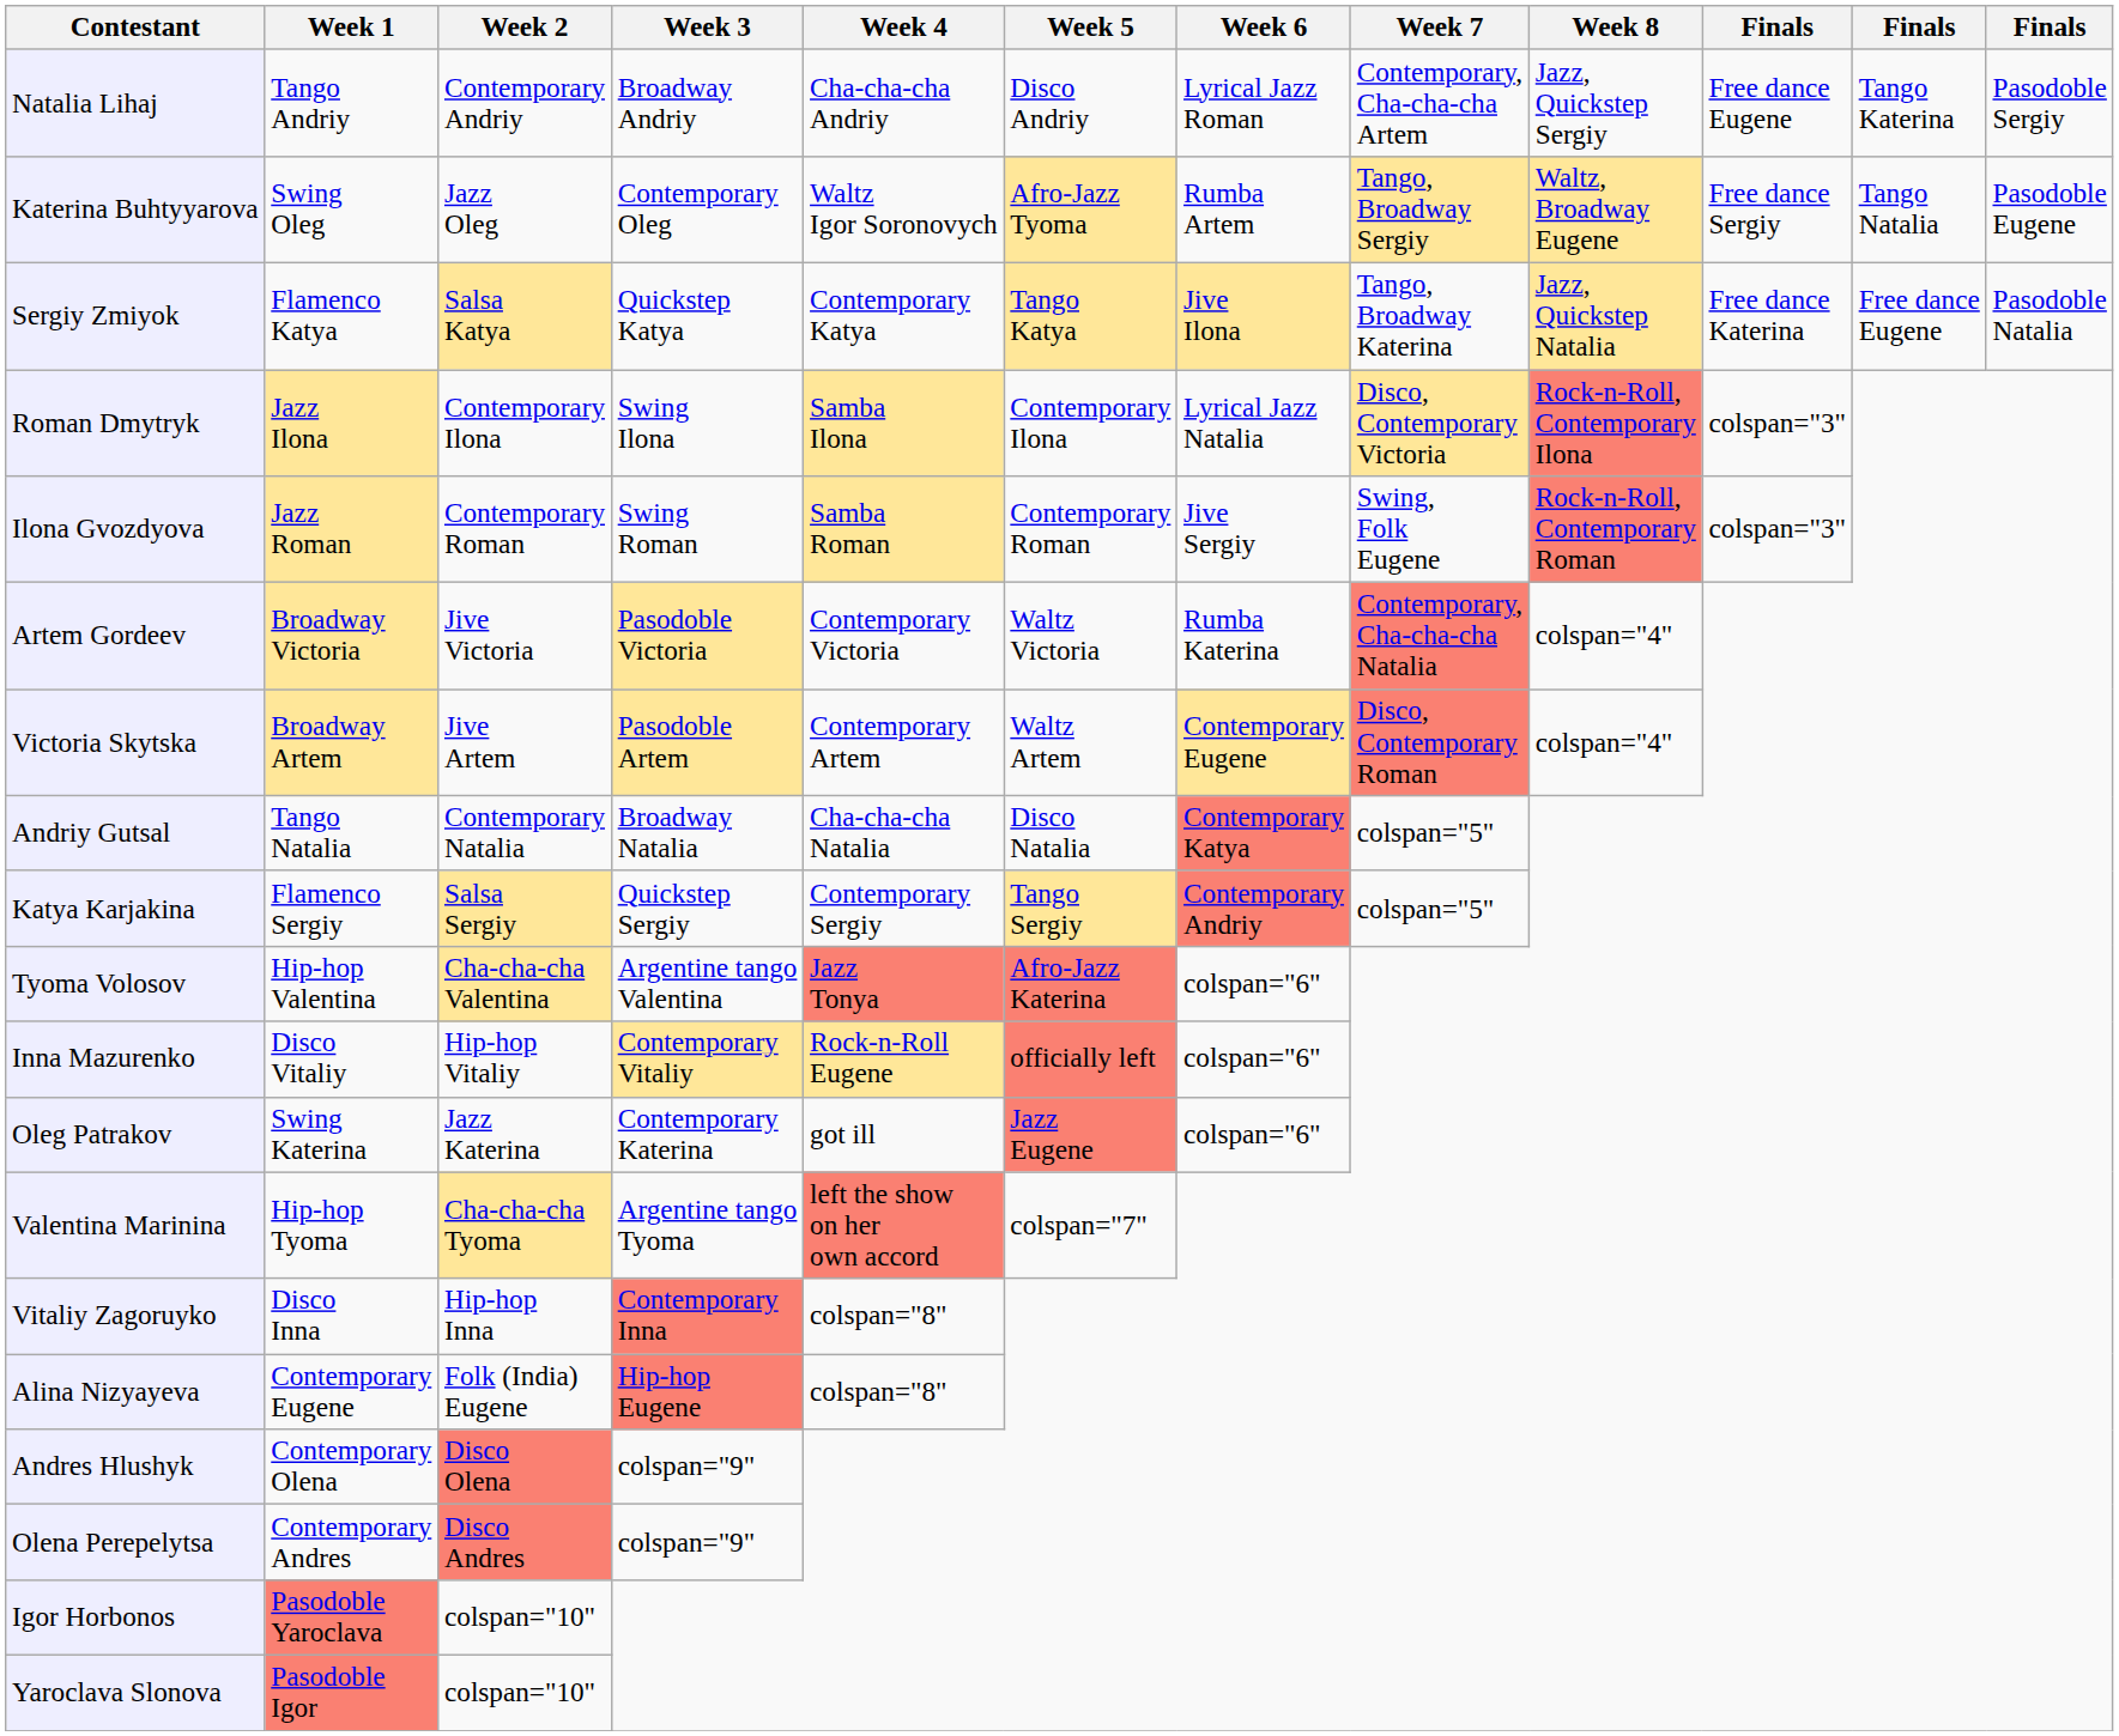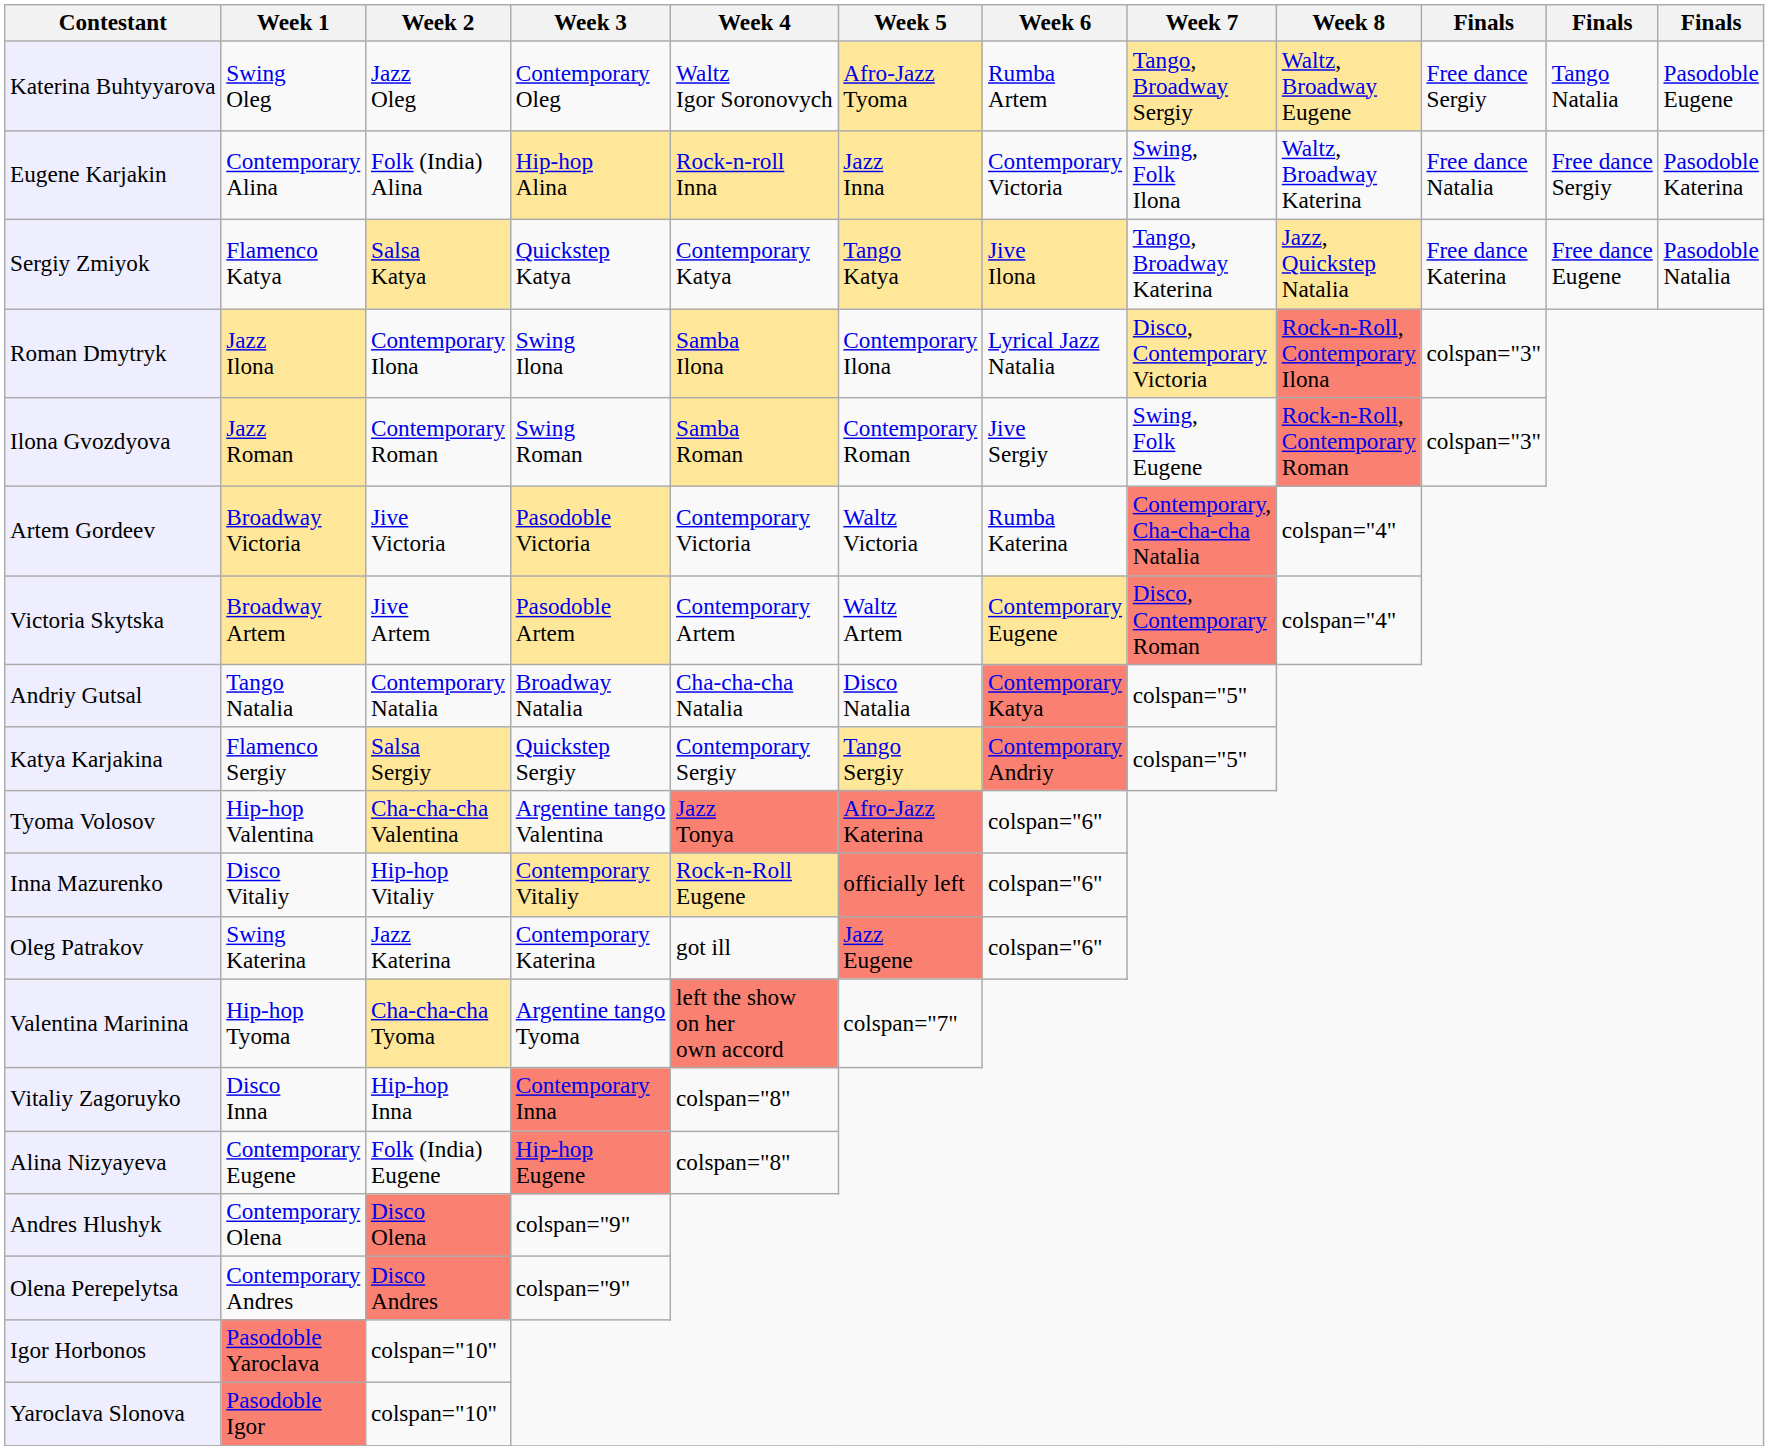 <table class="wikitable">
 <tr>
 <th>Contestant</th>
 <th>Week 1</th>
 <th>Week 2</th>
 <th>Week 3</th>
 <th>Week 4</th>
 <th>Week 5</th>
 <th>Week 6</th>
 <th>Week 7</th>
 <th>Week 8</th>
 <th>Finals</th>
 <th>Finals</th>
 <th>Finals</th>
 </tr>
 <tr>
-<td bgcolor="#eeeeff">Natalia Lihaj</td>
-<td><a href='#'>Tango</a> <br> Andriy</td>
-<td><a href='#'>Contemporary</a> <br> Andriy</td>
-<td><a href='#'>Broadway</a> <br> Andriy</td>
-<td><a href='#'>Cha-cha-cha</a> <br> Andriy</td>
-<td><a href='#'>Disco</a> <br> Andriy</td>
-<td><a href='#'>Lyrical Jazz</a> <br> Roman</td>
-<td><a href='#'>Contemporary</a>, <br> <a href='#'>Cha-cha-cha</a> <br> Artem</td>
-<td><a href='#'>Jazz</a>, <br> <a href='#'>Quickstep</a> <br> Sergiy</td>
-<td><a href='#'>Free dance</a> <br> Eugene</td>
-<td><a href='#'>Tango</a> <br> Katerina</td>
-<td><a href='#'>Pasodoble</a> <br> Sergiy</td>
-</tr>
-<tr>
 <td bgcolor="#eeeeff">Katerina Buhtyyarova</td>
 <td><a href='#'>Swing</a><br> Oleg</td>
 <td><a href='#'>Jazz</a> <br> Oleg</td>
 <td><a href='#'>Contemporary</a> <br> Oleg</td>
 <td><a href='#'>Waltz</a> <br> Igor Soronovych</td>
 <td bgcolor=#FFE799><a href='#'>Afro-Jazz</a> <br> Tyoma</td>
 <td><a href='#'>Rumba</a> <br> Artem</td>
 <td bgcolor=#FFE799><a href='#'>Tango</a>, <br> <a href='#'>Broadway</a> <br> Sergiy</td>
 <td bgcolor=#FFE799><a href='#'>Waltz</a>, <br> <a href='#'>Broadway</a> <br> Eugene</td>
 <td><a href='#'>Free dance</a> <br> Sergiy</td>
 <td><a href='#'>Tango</a> <br> Natalia</td>
 <td><a href='#'>Pasodoble</a> <br> Eugene</td>
+</tr>
+<tr>
+<td bgcolor="#eeeeff">Eugene Karjakin</td>
+<td><a href='#'>Contemporary</a> <br> Alina</td>
+<td><a href='#'>Folk</a> (India)<br> Alina</td>
+<td bgcolor=#FFE799><a href='#'>Hip-hop</a><br> Alina</td>
+<td bgcolor=#FFE799><a href='#'>Rock-n-roll</a> <br> Inna</td>
+<td bgcolor=#FFE799><a href='#'>Jazz</a> <br> Inna</td>
+<td><a href='#'>Contemporary</a> <br> Victoria</td>
+<td><a href='#'>Swing</a>, <br> <a href='#'>Folk</a> <br> Ilona</td>
+<td><a href='#'>Waltz</a>, <br> <a href='#'>Broadway</a> <br> Katerina</td>
+<td><a href='#'>Free dance</a> <br> Natalia</td>
+<td><a href='#'>Free dance</a> <br> Sergiy</td>
+<td><a href='#'>Pasodoble</a> <br> Katerina</td>
 </tr>
 <tr>
 <td bgcolor="#eeeeff">Sergiy Zmiyok</td>
 <td><a href='#'>Flamenco</a><br> Katya</td>
 <td bgcolor=#FFE799><a href='#'>Salsa</a> <br> Katya</td>
 <td><a href='#'>Quickstep</a><br> Katya</td>
 <td><a href='#'>Contemporary</a> <br> Katya</td>
 <td bgcolor=#FFE799><a href='#'>Tango</a> <br> Katya</td>
 <td bgcolor=#FFE799><a href='#'>Jive</a> <br> Ilona</td>
 <td><a href='#'>Tango</a>, <br> <a href='#'>Broadway</a> <br> Katerina</td>
 <td bgcolor=#FFE799><a href='#'>Jazz</a>, <br> <a href='#'>Quickstep</a> <br> Natalia</td>
 <td><a href='#'>Free dance</a> <br> Katerina</td>
 <td><a href='#'>Free dance</a> <br> Eugene</td>
 <td><a href='#'>Pasodoble</a> <br> Natalia</td>
 </tr>
 <tr>
 <td bgcolor="#eeeeff">Roman Dmytryk</td>
 <td bgcolor=#FFE799><a href='#'>Jazz</a> <br> Ilona</td>
 <td><a href='#'>Contemporary</a><br> Ilona</td>
 <td><a href='#'>Swing</a><br> Ilona</td>
 <td bgcolor=#FFE799><a href='#'>Samba</a> <br> Ilona</td>
 <td><a href='#'>Contemporary</a> <br> Ilona</td>
 <td><a href='#'>Lyrical Jazz</a> <br> Natalia</td>
 <td bgcolor=#FFE799><a href='#'>Disco</a>, <br> <a href='#'>Contemporary</a> <br> Victoria</td>
 <td bgcolor=#FA8072><a href='#'>Rock-n-Roll</a>, <br> <a href='#'>Contemporary</a> <br> Ilona</td>
 <td>colspan="3" </td>
 </tr>
 <tr>
 <td bgcolor="#eeeeff">Ilona Gvozdyova</td>
 <td bgcolor=#FFE799><a href='#'>Jazz</a> <br> Roman</td>
 <td><a href='#'>Contemporary</a> <br> Roman</td>
 <td><a href='#'>Swing</a> <br> Roman</td>
 <td bgcolor=#FFE799><a href='#'>Samba</a> <br> Roman</td>
 <td><a href='#'>Contemporary</a> <br> Roman</td>
 <td><a href='#'>Jive</a> <br> Sergiy</td>
 <td><a href='#'>Swing</a>, <br> <a href='#'>Folk</a> <br> Eugene</td>
 <td bgcolor=#FA8072><a href='#'>Rock-n-Roll</a>, <br> <a href='#'>Contemporary</a> <br> Roman</td>
 <td>colspan="3" </td>
 </tr>
 <tr>
 <td bgcolor="#eeeeff">Artem Gordeev</td>
 <td bgcolor=#FFE799><a href='#'>Broadway</a> <br> Victoria</td>
 <td><a href='#'>Jive</a> <br> Victoria</td>
 <td bgcolor=#FFE799><a href='#'>Pasodoble</a> <br> Victoria</td>
 <td><a href='#'>Contemporary</a> <br> Victoria</td>
 <td><a href='#'>Waltz</a> <br> Victoria</td>
 <td><a href='#'>Rumba</a> <br> Katerina</td>
 <td bgcolor=#FA8072><a href='#'>Contemporary</a>, <br> <a href='#'>Cha-cha-cha</a> <br> Natalia</td>
 <td>colspan="4" </td>
 </tr>
 <tr>
 <td bgcolor="#eeeeff">Victoria Skytska</td>
 <td bgcolor=#FFE799><a href='#'>Broadway</a> <br> Artem</td>
 <td><a href='#'>Jive</a> <br> Artem</td>
 <td bgcolor=#FFE799><a href='#'>Pasodoble</a> <br> Artem</td>
 <td><a href='#'>Contemporary</a> <br> Artem</td>
 <td><a href='#'>Waltz</a> <br> Artem</td>
 <td bgcolor=#FFE799><a href='#'>Contemporary</a> <br> Eugene</td>
 <td bgcolor=#FA8072><a href='#'>Disco</a>, <br> <a href='#'>Contemporary</a> <br> Roman</td>
 <td>colspan="4" </td>
 </tr>
 <tr>
 <td bgcolor="#eeeeff">Andriy Gutsal</td>
 <td><a href='#'>Tango</a> <br> Natalia</td>
 <td><a href='#'>Contemporary</a> <br> Natalia</td>
 <td><a href='#'>Broadway</a> <br> Natalia</td>
 <td><a href='#'>Cha-cha-cha</a> <br> Natalia</td>
 <td><a href='#'>Disco</a> <br> Natalia</td>
 <td bgcolor=#FA8072><a href='#'>Contemporary</a> <br> Katya</td>
 <td>colspan="5" </td>
 </tr>
 <tr>
 <td bgcolor="#eeeeff">Katya Karjakina</td>
 <td><a href='#'>Flamenco</a><br> Sergiy</td>
 <td bgcolor=#FFE799><a href='#'>Salsa</a> <br> Sergiy</td>
 <td><a href='#'>Quickstep</a><br> Sergiy</td>
 <td><a href='#'>Contemporary</a> <br> Sergiy</td>
 <td bgcolor=#FFE799><a href='#'>Tango</a> <br> Sergiy</td>
 <td bgcolor=#FA8072><a href='#'>Contemporary</a> <br> Andriy</td>
 <td>colspan="5" </td>
 </tr>
 <tr>
 <td bgcolor="#eeeeff">Tyoma Volosov</td>
 <td><a href='#'>Hip-hop</a> <br> Valentina</td>
 <td bgcolor=#FFE799><a href='#'>Cha-cha-cha</a><br> Valentina</td>
 <td><a href='#'>Argentine tango</a><br> Valentina</td>
 <td bgcolor=#FA8072><a href='#'>Jazz</a> <br> Tonya</td>
 <td bgcolor=#FA8072><a href='#'>Afro-Jazz</a> <br> Katerina</td>
 <td>colspan="6" </td>
 </tr>
 <tr>
 <td bgcolor="#eeeeff">Inna Mazurenko</td>
 <td><a href='#'>Disco</a> <br> Vitaliy</td>
 <td><a href='#'>Hip-hop</a> <br> Vitaliy</td>
 <td bgcolor=#FFE799><a href='#'>Contemporary</a> <br> Vitaliy</td>
 <td bgcolor=#FFE799><a href='#'>Rock-n-Roll</a> <br> Eugene</td>
 <td bgcolor=#FA8072>officially left</td>
 <td>colspan="6" </td>
 </tr>
 <tr>
 <td bgcolor="#eeeeff">Oleg Patrakov</td>
 <td><a href='#'>Swing</a><br> Katerina</td>
 <td><a href='#'>Jazz</a><br> Katerina</td>
 <td><a href='#'>Contemporary</a><br> Katerina</td>
 <td>got ill</td>
 <td bgcolor=#FA8072><a href='#'>Jazz</a> <br> Eugene</td>
 <td>colspan="6" </td>
 </tr>
 <tr>
 <td bgcolor="#eeeeff">Valentina Marinina</td>
 <td><a href='#'>Hip-hop</a> <br> Tyoma</td>
 <td bgcolor=#FFE799><a href='#'>Cha-cha-cha</a> <br> Tyoma</td>
 <td><a href='#'>Argentine tango</a> <br> Tyoma</td>
 <td bgcolor=#FA8072>left the show <br> on her <br> own accord</td>
 <td>colspan="7" </td>
 </tr>
 <tr>
 <td bgcolor="#eeeeff">Vitaliy Zagoruyko</td>
 <td><a href='#'>Disco</a><br> Inna</td>
 <td><a href='#'>Hip-hop</a><br> Inna</td>
 <td bgcolor=#FA8072><a href='#'>Contemporary</a><br> Inna</td>
 <td>colspan="8" </td>
 </tr>
 <tr>
 <td bgcolor="#eeeeff">Alina Nizyayeva</td>
 <td><a href='#'>Contemporary</a><br> Eugene</td>
 <td><a href='#'>Folk</a> (India) <br> Eugene</td>
 <td bgcolor=#FA8072><a href='#'>Hip-hop</a> <br> Eugene</td>
 <td>colspan="8" </td>
 </tr>
 <tr>
 <td bgcolor="#eeeeff">Andres Hlushyk</td>
 <td><a href='#'>Contemporary</a><br> Olena</td>
 <td bgcolor=#FA8072><a href='#'>Disco</a> <br> Olena</td>
 <td>colspan="9" </td>
 </tr>
 <tr>
 <td bgcolor="#eeeeff">Olena Perepelytsa</td>
 <td><a href='#'>Contemporary</a><br> Andres</td>
 <td bgcolor=#FA8072><a href='#'>Disco</a> <br> Andres</td>
 <td>colspan="9" </td>
 </tr>
 <tr>
 <td bgcolor="#eeeeff">Igor Horbonos</td>
 <td bgcolor=#FA8072><a href='#'>Pasodoble</a> <br> Yaroclava</td>
 <td>colspan="10" </td>
 </tr>
 <tr>
 <td bgcolor="#eeeeff">Yaroclava Slonova</td>
 <td bgcolor=#FA8072><a href='#'>Pasodoble</a> <br> Igor</td>
 <td>colspan="10" </td>
 </tr>
 <tr>
 </tr>
 </table>
